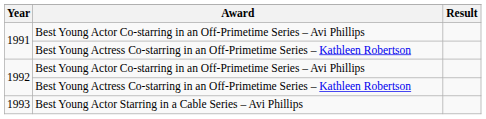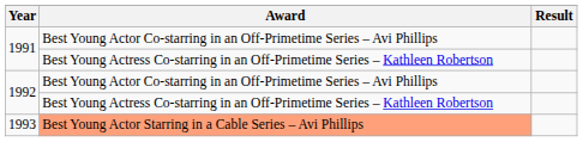 <table class="wikitable" style="border:1; width:75%;">
 <tr>
 </tr>
 <tr>
 <th scope="col" style="width:5%">Year</th>
 <th scope="col">Award</th>
 <th scope="col" style="width:8%">Result</th>
 </tr>
 <tr>
 <td rowspan=2>1991</td>
 <td>Best Young Actor Co-starring in an Off-Primetime Series – Avi Phillips</td>
 <td></td>
 </tr>
 <tr>
 <td>Best Young Actress Co-starring in an Off-Primetime Series – <a href='#'>Kathleen Robertson</a></td>
 <td></td>
 </tr>
 <tr>
 <td rowspan=2>1992</td>
 <td>Best Young Actor Co-starring in an Off-Primetime Series – Avi Phillips</td>
 <td></td>
 </tr>
 <tr>
 <td>Best Young Actress Co-starring in an Off-Primetime Series – <a href='#'>Kathleen Robertson</a></td>
 <td></td>
 </tr>
 <tr>
 <td>1993</td>
-<td>Best Young Actor Starring in a Cable Series – Avi Phillips</td>
+<td style="background: lightsalmon;">Best Young Actor Starring in a Cable Series – Avi Phillips</td>
 <td></td>
 </tr>
 </table>
